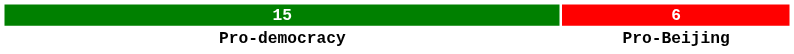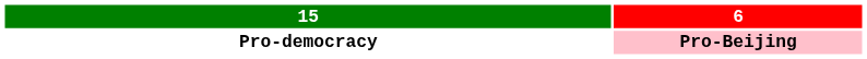 <table style="width:50%; text-align:center;">
 <tr style="color:white;">
 <td style="background:green; width:71%;"><strong>15</strong></td>
 <td style="background:red; width:29%;"><strong>6</strong></td>
 </tr>
 <tr>
 <td><span><strong>Pro-democracy</strong></span></td>
-<td><span><strong>Pro-Beijing</strong></span></td>
+<td style="background: pink;"><span><strong>Pro-Beijing</strong></span></td>
 </tr>
 </table>
